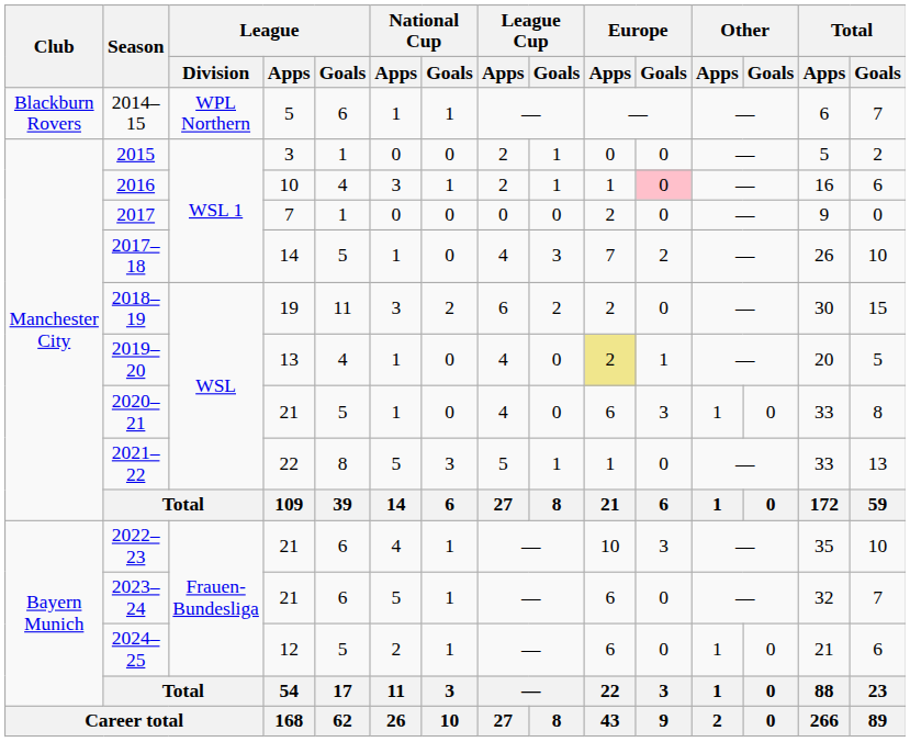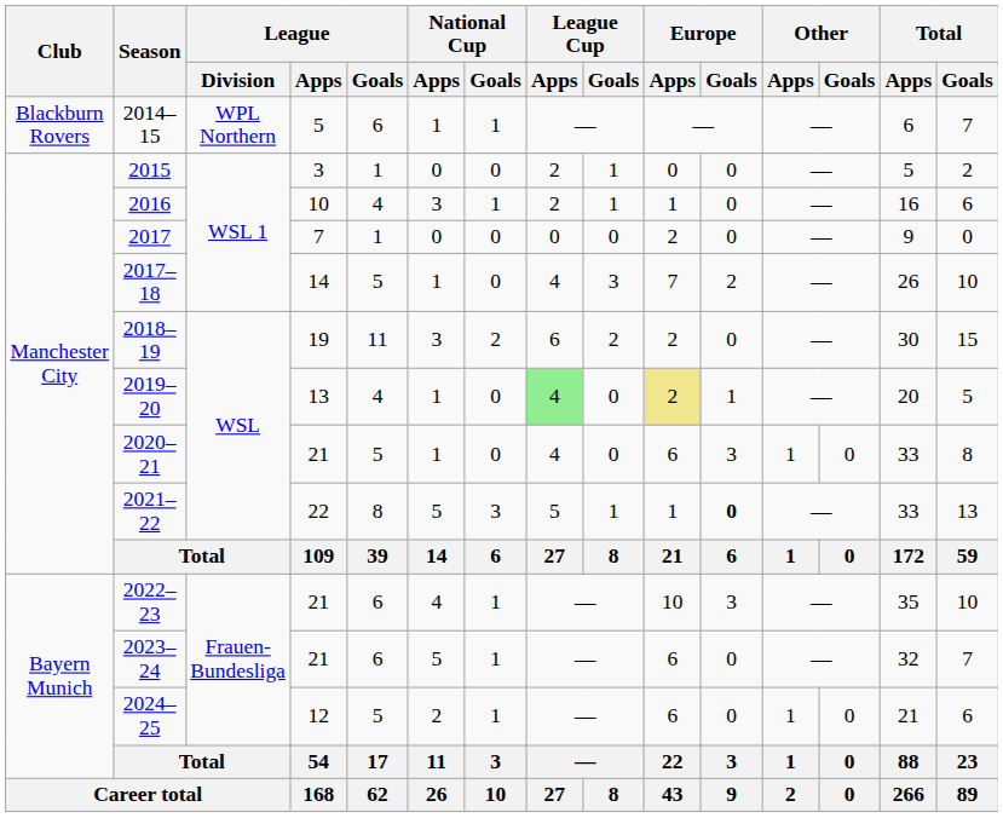 <table class="wikitable" style="text-align: center">
 <tr>
 <th rowspan="2">Club</th>
 <th rowspan="2">Season</th>
 <th colspan="3">League</th>
 <th colspan="2">National Cup</th>
 <th colspan="2">League Cup</th>
 <th colspan="2">Europe</th>
 <th colspan="2">Other</th>
 <th colspan="2">Total</th>
 </tr>
 <tr>
 <th>Division</th>
 <th>Apps</th>
 <th>Goals</th>
 <th>Apps</th>
 <th>Goals</th>
 <th>Apps</th>
 <th>Goals</th>
 <th>Apps</th>
 <th>Goals</th>
 <th>Apps</th>
 <th>Goals</th>
 <th>Apps</th>
 <th>Goals</th>
 </tr>
 <tr>
 <td><a href='#'>Blackburn Rovers</a></td>
 <td>2014–15</td>
 <td><a href='#'>WPL Northern</a></td>
 <td>5</td>
 <td>6</td>
 <td>1</td>
 <td>1</td>
 <td colspan="2">—</td>
 <td colspan="2">—</td>
 <td colspan=2>—</td>
 <td>6</td>
 <td>7</td>
 </tr>
 <tr>
 <td rowspan="9"><a href='#'>Manchester City</a></td>
 <td><a href='#'>2015</a></td>
 <td rowspan="4"><a href='#'>WSL 1</a></td>
 <td>3</td>
 <td>1</td>
 <td>0</td>
 <td>0</td>
 <td>2</td>
 <td>1</td>
 <td>0</td>
 <td>0</td>
 <td colspan=2>—</td>
 <td>5</td>
 <td>2</td>
 </tr>
 <tr>
 <td><a href='#'>2016</a></td>
 <td>10</td>
 <td>4</td>
 <td>3</td>
 <td>1</td>
 <td>2</td>
 <td>1</td>
 <td>1</td>
-<td style="background: pink;">0</td>
+<td>0</td>
 <td colspan=2>—</td>
 <td>16</td>
 <td>6</td>
 </tr>
 <tr>
 <td><a href='#'>2017</a></td>
 <td>7</td>
 <td>1</td>
 <td>0</td>
 <td>0</td>
 <td>0</td>
 <td>0</td>
 <td>2</td>
 <td>0</td>
 <td colspan=2>—</td>
 <td>9</td>
 <td>0</td>
 </tr>
 <tr>
 <td><a href='#'>2017–18</a></td>
 <td>14</td>
 <td>5</td>
 <td>1</td>
 <td>0</td>
 <td>4</td>
 <td>3</td>
 <td>7</td>
 <td>2</td>
 <td colspan=2>—</td>
 <td>26</td>
 <td>10</td>
 </tr>
 <tr>
 <td><a href='#'>2018–19</a></td>
 <td rowspan="4"><a href='#'>WSL</a></td>
 <td>19</td>
 <td>11</td>
 <td>3</td>
 <td>2</td>
 <td>6</td>
 <td>2</td>
 <td>2</td>
 <td>0</td>
 <td colspan=2>—</td>
 <td>30</td>
 <td>15</td>
 </tr>
 <tr>
 <td><a href='#'>2019–20</a></td>
 <td>13</td>
 <td>4</td>
 <td>1</td>
 <td>0</td>
-<td>4</td>
+<td style="background: lightgreen;">4</td>
 <td>0</td>
 <td style="background: khaki;">2</td>
 <td>1</td>
 <td colspan=2>—</td>
 <td>20</td>
 <td>5</td>
 </tr>
 <tr>
 <td><a href='#'>2020–21</a></td>
 <td>21</td>
 <td>5</td>
 <td>1</td>
 <td>0</td>
 <td>4</td>
 <td>0</td>
 <td>6</td>
 <td>3</td>
 <td>1</td>
 <td>0</td>
 <td>33</td>
 <td>8</td>
 </tr>
 <tr>
 <td><a href='#'>2021–22</a></td>
 <td>22</td>
 <td>8</td>
 <td>5</td>
 <td>3</td>
 <td>5</td>
 <td>1</td>
 <td>1</td>
-<td>0</td>
+<td><strong>0</strong></td>
 <td colspan=2>—</td>
 <td>33</td>
 <td>13</td>
 </tr>
 <tr>
 <th colspan="2">Total</th>
 <th>109</th>
 <th>39</th>
 <th>14</th>
 <th>6</th>
 <th>27</th>
 <th>8</th>
 <th>21</th>
 <th>6</th>
 <th>1</th>
 <th>0</th>
 <th>172</th>
 <th>59</th>
 </tr>
 <tr>
 <td rowspan="4"><a href='#'>Bayern Munich</a></td>
 <td><a href='#'>2022–23</a></td>
 <td rowspan="3"><a href='#'>Frauen-Bundesliga</a></td>
 <td>21</td>
 <td>6</td>
 <td>4</td>
 <td>1</td>
 <td colspan=2>—</td>
 <td>10</td>
 <td>3</td>
 <td colspan=2>—</td>
 <td>35</td>
 <td>10</td>
 </tr>
 <tr>
 <td><a href='#'>2023–24</a></td>
 <td>21</td>
 <td>6</td>
 <td>5</td>
 <td>1</td>
 <td colspan=2>—</td>
 <td>6</td>
 <td>0</td>
 <td colspan=2>—</td>
 <td>32</td>
 <td>7</td>
 </tr>
 <tr>
 <td><a href='#'>2024–25</a></td>
 <td>12</td>
 <td>5</td>
 <td>2</td>
 <td>1</td>
 <td colspan=2>—</td>
 <td>6</td>
 <td>0</td>
 <td>1</td>
 <td>0</td>
 <td>21</td>
 <td>6</td>
 </tr>
 <tr>
 <th colspan="2">Total</th>
 <th>54</th>
 <th>17</th>
 <th>11</th>
 <th>3</th>
 <th colspan=2>—</th>
 <th>22</th>
 <th>3</th>
 <th>1</th>
 <th>0</th>
 <th>88</th>
 <th>23</th>
 </tr>
 <tr>
 <th colspan="3">Career total</th>
 <th>168</th>
 <th>62</th>
 <th>26</th>
 <th>10</th>
 <th>27</th>
 <th>8</th>
 <th>43</th>
 <th>9</th>
 <th>2</th>
 <th>0</th>
 <th>266</th>
 <th>89</th>
 </tr>
 </table>
